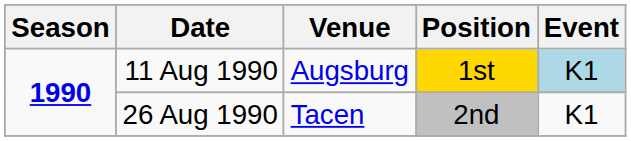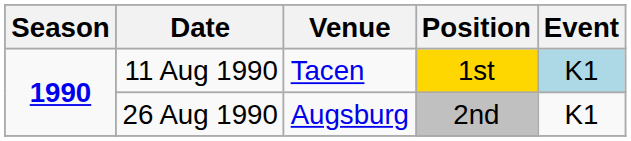 <table class="wikitable" style="text-align:center; font-size:95%;">
 <tr>
 <th>Season</th>
 <th>Date</th>
 <th>Venue</th>
 <th>Position</th>
 <th>Event</th>
 </tr>
 <tr>
 <td rowspan=2><strong><a href='#'>1990</a></strong></td>
 <td align=right>11 Aug 1990</td>
-<td align=left><a href='#'>Augsburg</a></td>
+<td align=left><a href='#'>Tacen</a></td>
 <td bgcolor=gold>1st</td>
 <td style="background: lightblue;">K1</td>
 </tr>
 <tr>
 <td align=right>26 Aug 1990</td>
-<td align=left><a href='#'>Tacen</a></td>
+<td align=left><a href='#'>Augsburg</a></td>
 <td bgcolor=silver>2nd</td>
 <td>K1</td>
 </tr>
 </table>
